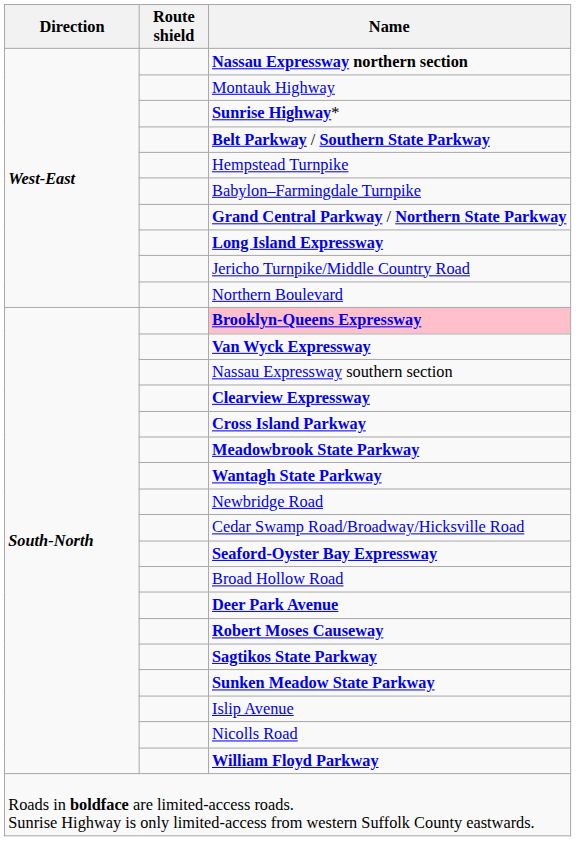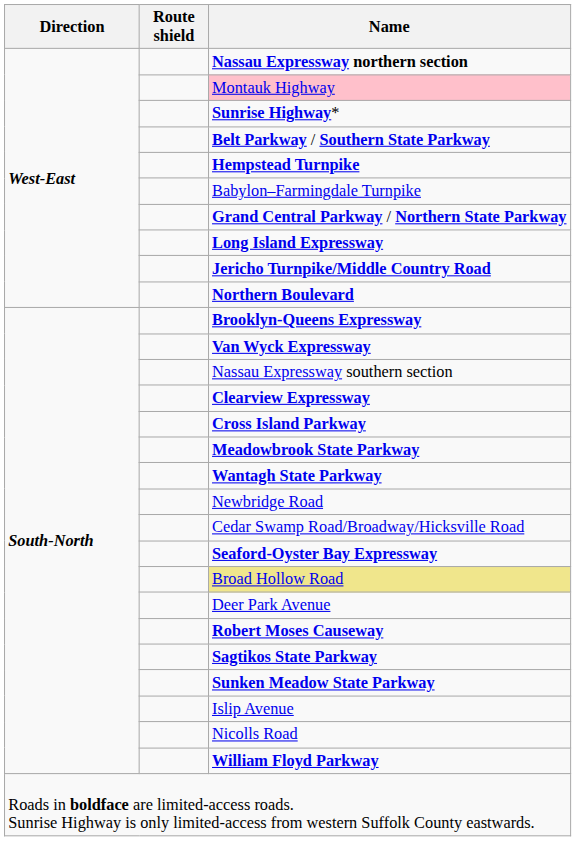 <table class=wikitable>
 <tr>
 <th width=125>Direction</th>
 <th width=60>Route<br>shield</th>
 <th>Name</th>
 </tr>
 <tr>
 <td rowspan=10><strong><em>West-East</em></strong></td>
 <td> </td>
 <td><strong><a href='#'>Nassau Expressway</a> northern section</strong></td>
 </tr>
 <tr>
 <td></td>
-<td><a href='#'>Montauk Highway</a></td>
+<td style="background: pink;"><a href='#'>Montauk Highway</a></td>
 </tr>
 <tr>
 <td></td>
 <td><strong><a href='#'>Sunrise Highway</a></strong>*</td>
 </tr>
 <tr>
 <td> </td>
 <td><strong><a href='#'>Belt Parkway</a></strong> / <strong><a href='#'>Southern State Parkway</a></strong></td>
 </tr>
 <tr>
 <td></td>
-<td><a href='#'>Hempstead Turnpike</a></td>
+<td><strong><a href='#'>Hempstead Turnpike</a></strong></td>
 </tr>
 <tr>
 <td></td>
 <td><a href='#'>Babylon–Farmingdale Turnpike</a></td>
 </tr>
 <tr>
 <td> </td>
 <td><strong><a href='#'>Grand Central Parkway</a></strong> / <strong><a href='#'>Northern State Parkway</a></strong></td>
 </tr>
 <tr>
 <td></td>
 <td><strong><a href='#'>Long Island Expressway</a></strong></td>
 </tr>
 <tr>
 <td></td>
-<td><a href='#'>Jericho Turnpike/Middle Country Road</a></td>
+<td><strong><a href='#'>Jericho Turnpike/Middle Country Road</a></strong></td>
 </tr>
 <tr>
 <td></td>
-<td><a href='#'>Northern Boulevard</a></td>
+<td><strong><a href='#'>Northern Boulevard</a></strong></td>
 </tr>
 <tr>
 <td rowspan=18><strong><em>South-North</em></strong></td>
 <td></td>
-<td style="background: pink;"><strong><a href='#'>Brooklyn-Queens Expressway</a></strong></td>
+<td><strong><a href='#'>Brooklyn-Queens Expressway</a></strong></td>
 </tr>
 <tr>
 <td></td>
 <td><strong><a href='#'>Van Wyck Expressway</a></strong></td>
 </tr>
 <tr>
 <td></td>
 <td><a href='#'>Nassau Expressway</a> southern section</td>
 </tr>
 <tr>
 <td></td>
 <td><strong><a href='#'>Clearview Expressway</a></strong></td>
 </tr>
 <tr>
 <td></td>
 <td><strong><a href='#'>Cross Island Parkway</a></strong></td>
 </tr>
 <tr>
 <td></td>
 <td><strong><a href='#'>Meadowbrook State Parkway</a></strong></td>
 </tr>
 <tr>
 <td></td>
 <td><strong><a href='#'>Wantagh State Parkway</a></strong></td>
 </tr>
 <tr>
 <td></td>
 <td><a href='#'>Newbridge Road</a></td>
 </tr>
 <tr>
 <td></td>
 <td><a href='#'>Cedar Swamp Road/Broadway/Hicksville Road</a></td>
 </tr>
 <tr>
 <td></td>
 <td><strong><a href='#'>Seaford-Oyster Bay Expressway</a></strong></td>
 </tr>
 <tr>
 <td></td>
-<td><a href='#'>Broad Hollow Road</a></td>
+<td style="background: khaki;"><a href='#'>Broad Hollow Road</a></td>
 </tr>
 <tr>
 <td></td>
-<td><strong><a href='#'>Deer Park Avenue</a></strong></td>
+<td><a href='#'>Deer Park Avenue</a></td>
 </tr>
 <tr>
 <td></td>
 <td><strong><a href='#'>Robert Moses Causeway</a></strong></td>
 </tr>
 <tr>
 <td></td>
 <td><strong><a href='#'>Sagtikos State Parkway</a></strong></td>
 </tr>
 <tr>
 <td></td>
 <td><strong><a href='#'>Sunken Meadow State Parkway</a></strong></td>
 </tr>
 <tr>
 <td></td>
 <td><a href='#'>Islip Avenue</a></td>
 </tr>
 <tr>
 <td></td>
 <td><a href='#'>Nicolls Road</a></td>
 </tr>
 <tr>
 <td></td>
 <td><strong><a href='#'>William Floyd Parkway</a></strong></td>
 </tr>
 <tr>
 <td colspan=3><br>Roads in <strong>boldface</strong> are limited-access roads.<br>Sunrise Highway is only limited-access from western Suffolk County eastwards.</td>
 </tr>
 </table>
